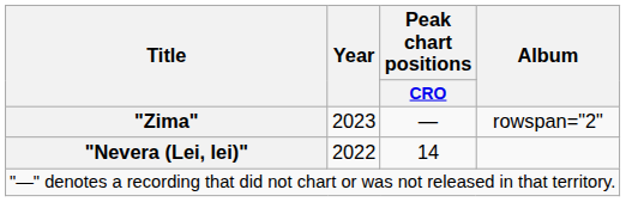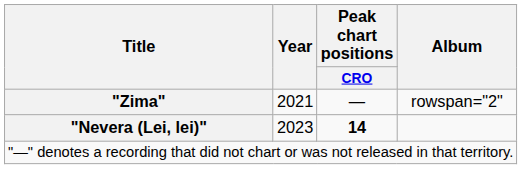 <table class="wikitable plainrowheaders" style="text-align:center;">
 <tr>
 <th scope="col" rowspan="2" style="width:16em;">Title</th>
 <th scope="col" rowspan="2" style="width:1em;">Year</th>
 <th scope="col" colspan="1">Peak chart positions</th>
 <th scope="col" rowspan="2">Album</th>
 </tr>
 <tr>
 <th scope="col" style="width:3em;font-size:85%;"><a href='#'>CRO</a><br></th>
 </tr>
 <tr>
 <th scope="row">"Zima"</th>
-<td>2023</td>
+<td>2021</td>
 <td>—</td>
 <td>rowspan="2" </td>
 </tr>
 <tr>
 <th scope="row">"Nevera (Lei, lei)"</th>
-<td>2022</td>
-<td>14</td>
+<td>2023</td>
+<td><strong>14</strong></td>
 </tr>
 <tr>
 <td colspan="15" style="font-size:90%;">"—" denotes a recording that did not chart or was not released in that territory.</td>
 </tr>
 </table>
